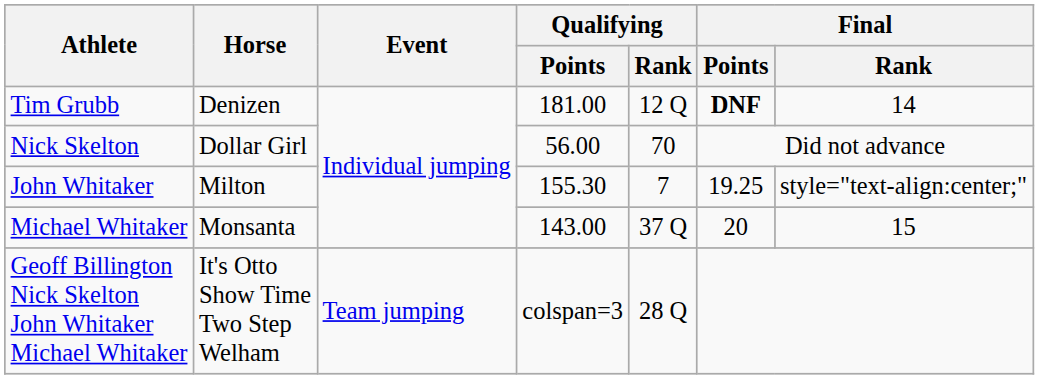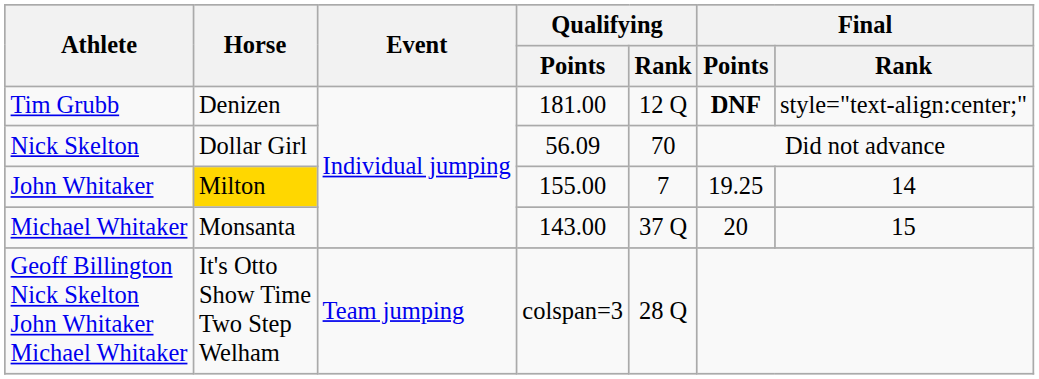 <table class=wikitable style="font-size:90%">
 <tr>
 <th rowspan="2">Athlete</th>
 <th rowspan="2">Horse</th>
 <th rowspan="2">Event</th>
 <th colspan="2">Qualifying</th>
 <th colspan="2">Final</th>
 </tr>
 <tr>
 <th>Points</th>
 <th>Rank</th>
 <th>Points</th>
 <th>Rank</th>
 </tr>
 <tr>
 <td><a href='#'>Tim Grubb</a></td>
 <td>Denizen</td>
 <td rowspan=4><a href='#'>Individual jumping</a></td>
 <td style="text-align:center;">181.00</td>
 <td style="text-align:center;">12 Q</td>
 <td style="text-align:center;"><strong>DNF</strong></td>
-<td style="text-align:center;">14</td>
+<td>style="text-align:center;"</td>
 </tr>
 <tr>
 <td><a href='#'>Nick Skelton</a></td>
 <td>Dollar Girl</td>
-<td style="text-align:center;">56.00</td>
+<td style="text-align:center;">56.09</td>
 <td style="text-align:center;">70</td>
 <td colspan=2 style="text-align:center;">Did not advance</td>
 </tr>
 <tr>
 <td><a href='#'>John Whitaker</a></td>
-<td>Milton</td>
-<td style="text-align:center;">155.30</td>
+<td style="background: gold;">Milton</td>
+<td style="text-align:center;">155.00</td>
 <td style="text-align:center;">7</td>
 <td style="text-align:center;">19.25</td>
-<td>style="text-align:center;"</td>
+<td style="text-align:center;">14</td>
 </tr>
 <tr>
 <td><a href='#'>Michael Whitaker</a></td>
 <td>Monsanta</td>
 <td style="text-align:center;">143.00</td>
 <td style="text-align:center;">37 Q</td>
 <td style="text-align:center;">20</td>
 <td style="text-align:center;">15</td>
 </tr>
 <tr>
 <td><a href='#'>Geoff Billington</a><br><a href='#'>Nick Skelton</a><br><a href='#'>John Whitaker</a><br><a href='#'>Michael Whitaker</a></td>
 <td>It's Otto<br>Show Time<br>Two Step<br>Welham</td>
 <td><a href='#'>Team jumping</a></td>
 <td>colspan=3</td>
 <td style="text-align:center;">28 Q</td>
 </tr>
 </table>
